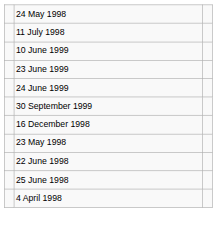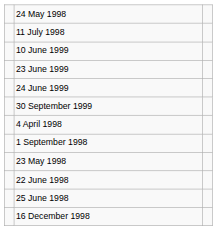 <table class="wikitable" style="font-size: 89%; float: left; width: 24em; margin-right: 1em; line-height: 1.65em !important; height: 324px;">
 <tr>
 <td></td>
 <td>24 May 1998</td>
 <td></td>
 </tr>
 <tr>
 <td></td>
 <td>11 July 1998</td>
 <td></td>
 </tr>
 <tr>
 <td></td>
 <td>10 June 1999</td>
 <td></td>
 </tr>
 <tr>
 <td></td>
 <td>23 June 1999</td>
 <td></td>
 </tr>
 <tr>
 <td></td>
 <td>24 June 1999</td>
 <td></td>
 </tr>
 <tr>
 <td></td>
 <td>30 September 1999</td>
 <td></td>
 </tr>
 <tr>
 <td></td>
-<td>16 December 1998</td>
+<td>4 April 1998</td>
+<td></td>
+</tr>
+<tr>
+<td></td>
+<td>1 September 1998</td>
 <td></td>
 </tr>
 <tr>
 <td></td>
 <td>23 May 1998</td>
 <td></td>
 </tr>
 <tr>
 <td></td>
 <td>22 June 1998</td>
 <td></td>
 </tr>
 <tr>
 <td></td>
 <td>25 June 1998</td>
 <td></td>
 </tr>
 <tr>
 <td></td>
-<td>4 April 1998</td>
+<td>16 December 1998</td>
 <td></td>
 </tr>
 </table>
